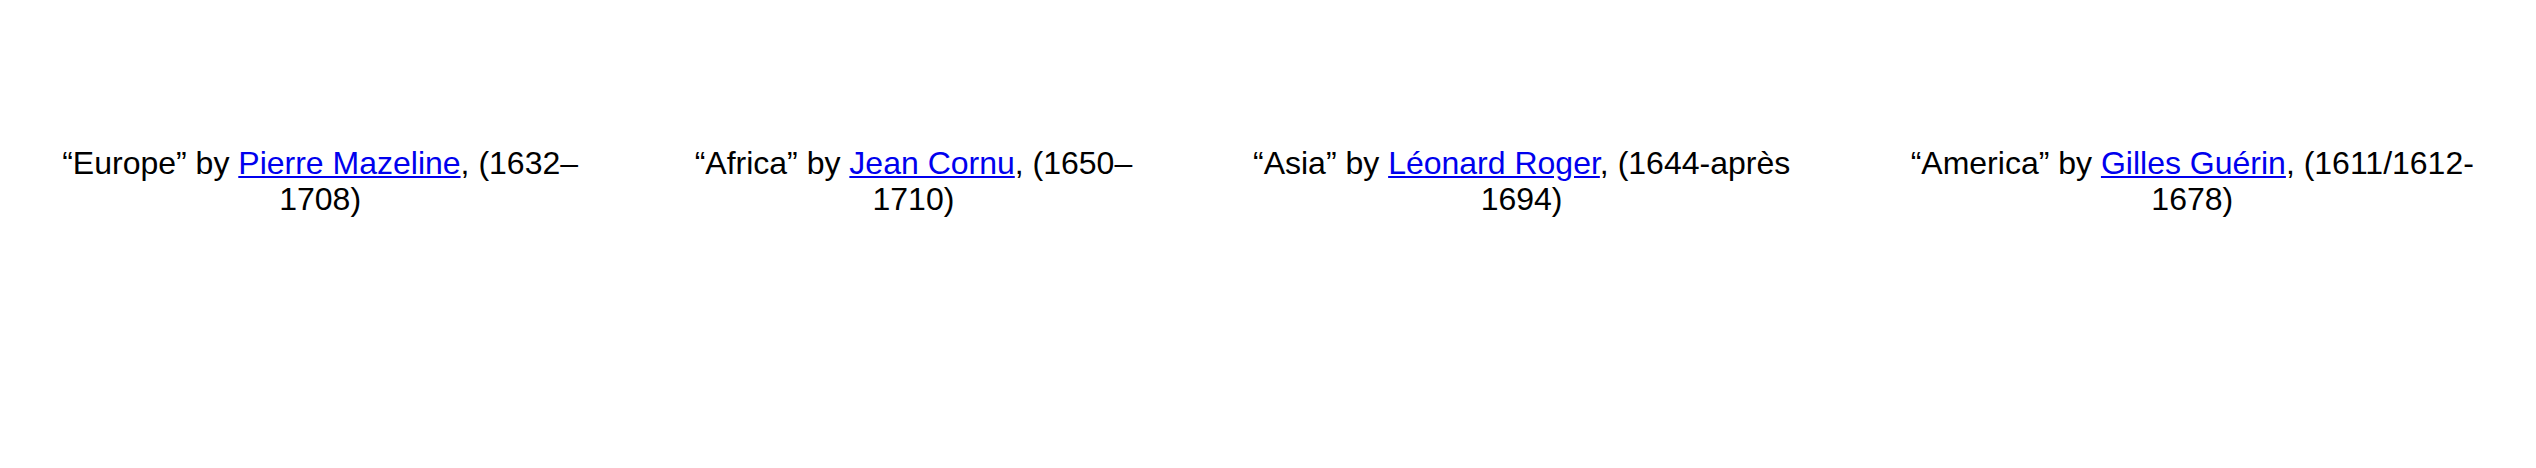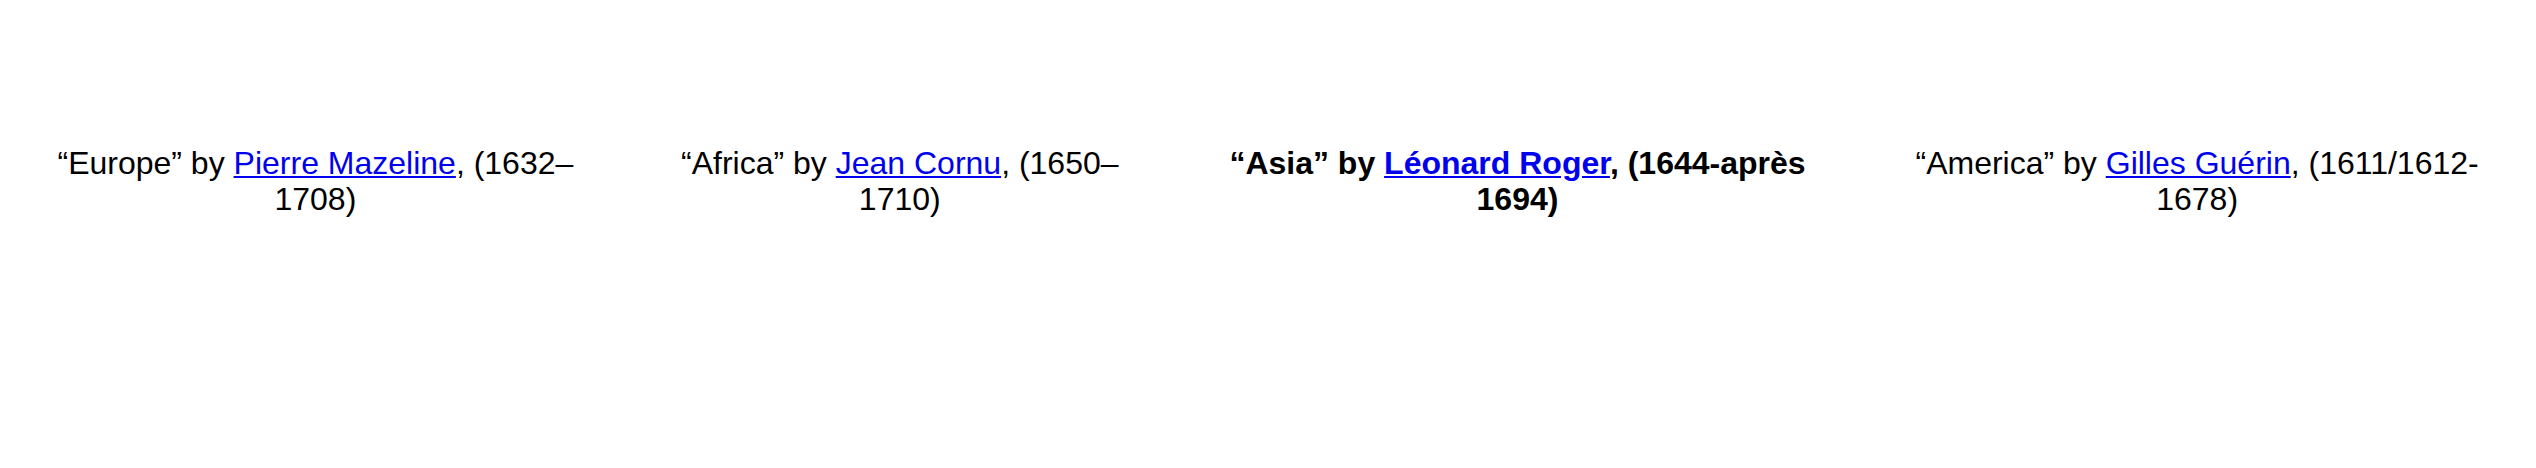 <table style="background:white; color:black" border="0" height="230" align="center" valign="bottom" cellpadding=10px cellspacing=0px>
 <tr align="center">
 <td></td>
 <td></td>
 <td></td>
 <td></td>
 </tr>
 <tr align="center" valign="top">
 <td width=“200”>“Europe” by <a href='#'>Pierre Mazeline</a>, (1632–1708)</td>
 <td width=“200”>“Africa” by <a href='#'>Jean Cornu</a>, (1650–1710)</td>
-<td width=“200”>“Asia” by <a href='#'>Léonard Roger</a>, (1644-après 1694)</td>
+<td width=“200”><strong>“Asia” by <a href='#'>Léonard Roger</a>, (1644-après 1694)</strong></td>
 <td width=“200”>“America” by <a href='#'>Gilles Guérin</a>, (1611/1612-1678)</td>
 </tr>
 </table>
